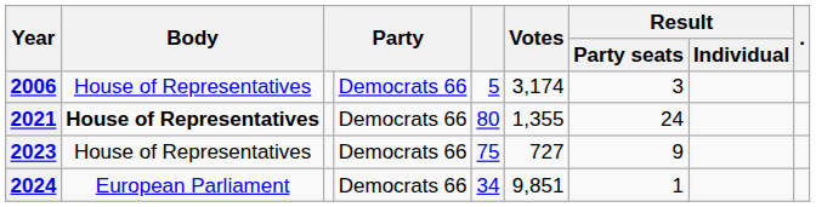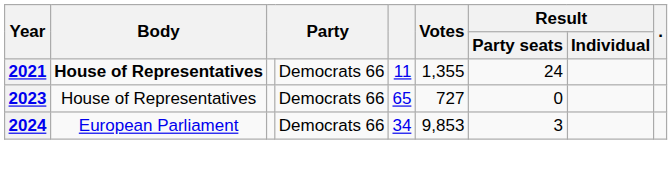 <table class="wikitable plainrowheaders sortable" border=2 cellpadding=4 cellspacing=0 style="border: 1px #aaa solid; font-size: 90%; text-align:center;">
 <tr>
 <th scope="col" rowspan=2>Year</th>
 <th scope="col" rowspan=2>Body</th>
 <th scope="col" colspan=2 rowspan=2>Party</th>
 <th scope="col" rowspan=2></th>
 <th scope="col" rowspan=2>Votes</th>
 <th scope="colgroup" colspan=2>Result</th>
 <th scope="col" rowspan=2 class="unsortable">.</th>
 </tr>
 <tr>
 <th scope="col">Party seats</th>
 <th scope="col">Individual</th>
 </tr>
 <tr>
-<th scope="row"><a href='#'>2006</a></th>
-<td><a href='#'>House of Representatives</a></td>
-<td style="background-color:"></td>
-<td><a href='#'>Democrats 66</a></td>
-<td style=text-align:right><a href='#'>5</a></td>
-<td style=text-align:right>3,174</td>
-<td style=text-align:right>3</td>
-<td></td>
-<td></td>
-</tr>
-<tr>
 <th scope="row"><a href='#'>2021</a></th>
 <td><strong>House of Representatives</strong></td>
 <td style="background-color:"></td>
 <td>Democrats 66</td>
-<td style=text-align:right><a href='#'>80</a></td>
+<td style=text-align:right><a href='#'>11</a></td>
 <td style=text-align:right>1,355</td>
 <td style=text-align:right>24</td>
 <td></td>
 <td></td>
 </tr>
 <tr>
 <th scope="row"><a href='#'>2023</a></th>
 <td>House of Representatives</td>
 <td style="background-color:"></td>
 <td>Democrats 66</td>
-<td style=text-align:right><a href='#'>75</a></td>
+<td style=text-align:right><a href='#'>65</a></td>
 <td style=text-align:right>727</td>
-<td style=text-align:right>9</td>
+<td style=text-align:right>0</td>
 <td></td>
 <td></td>
 </tr>
 <tr>
 <th scope="row"><a href='#'>2024</a></th>
 <td><a href='#'>European Parliament</a></td>
 <td style="background-color:"></td>
 <td>Democrats 66</td>
 <td style=text-align:right><a href='#'>34</a></td>
-<td style=text-align:right>9,851</td>
-<td style=text-align:right>1</td>
+<td style=text-align:right>9,853</td>
+<td style=text-align:right>3</td>
 <td></td>
 <td></td>
 </tr>
 </table>
